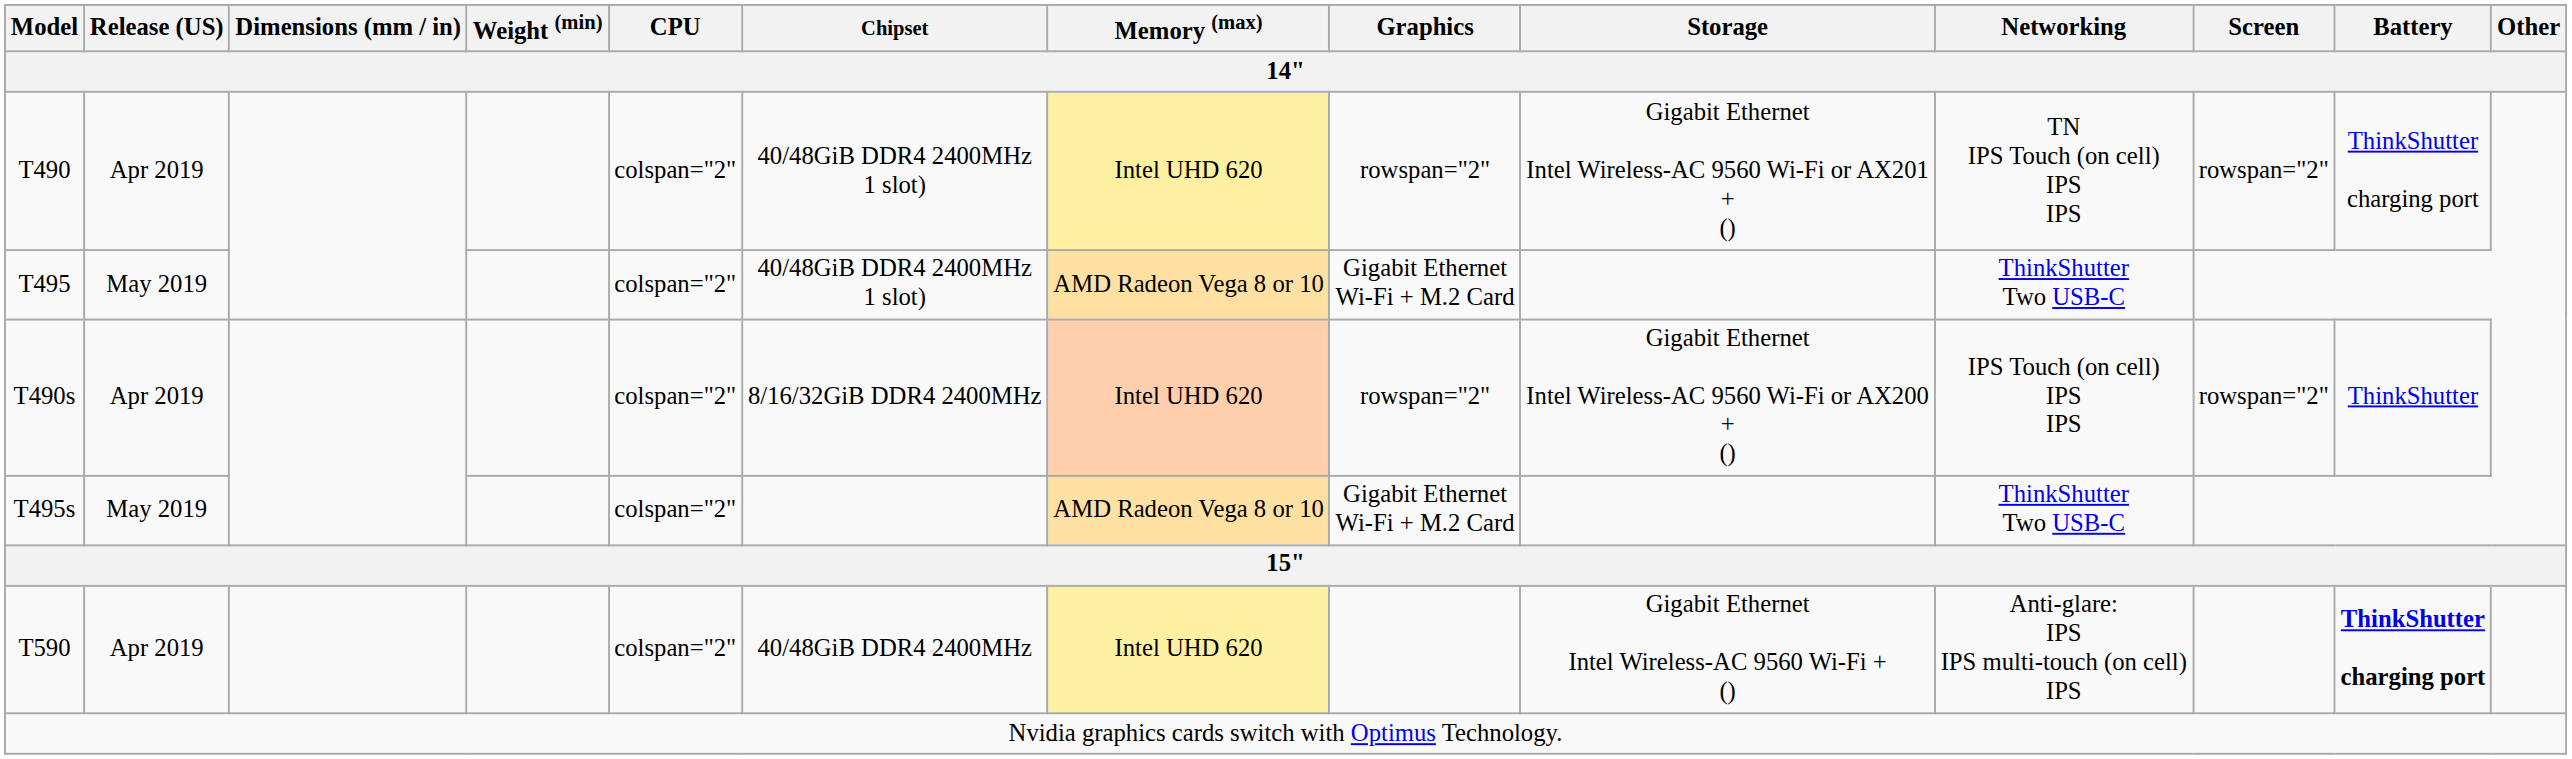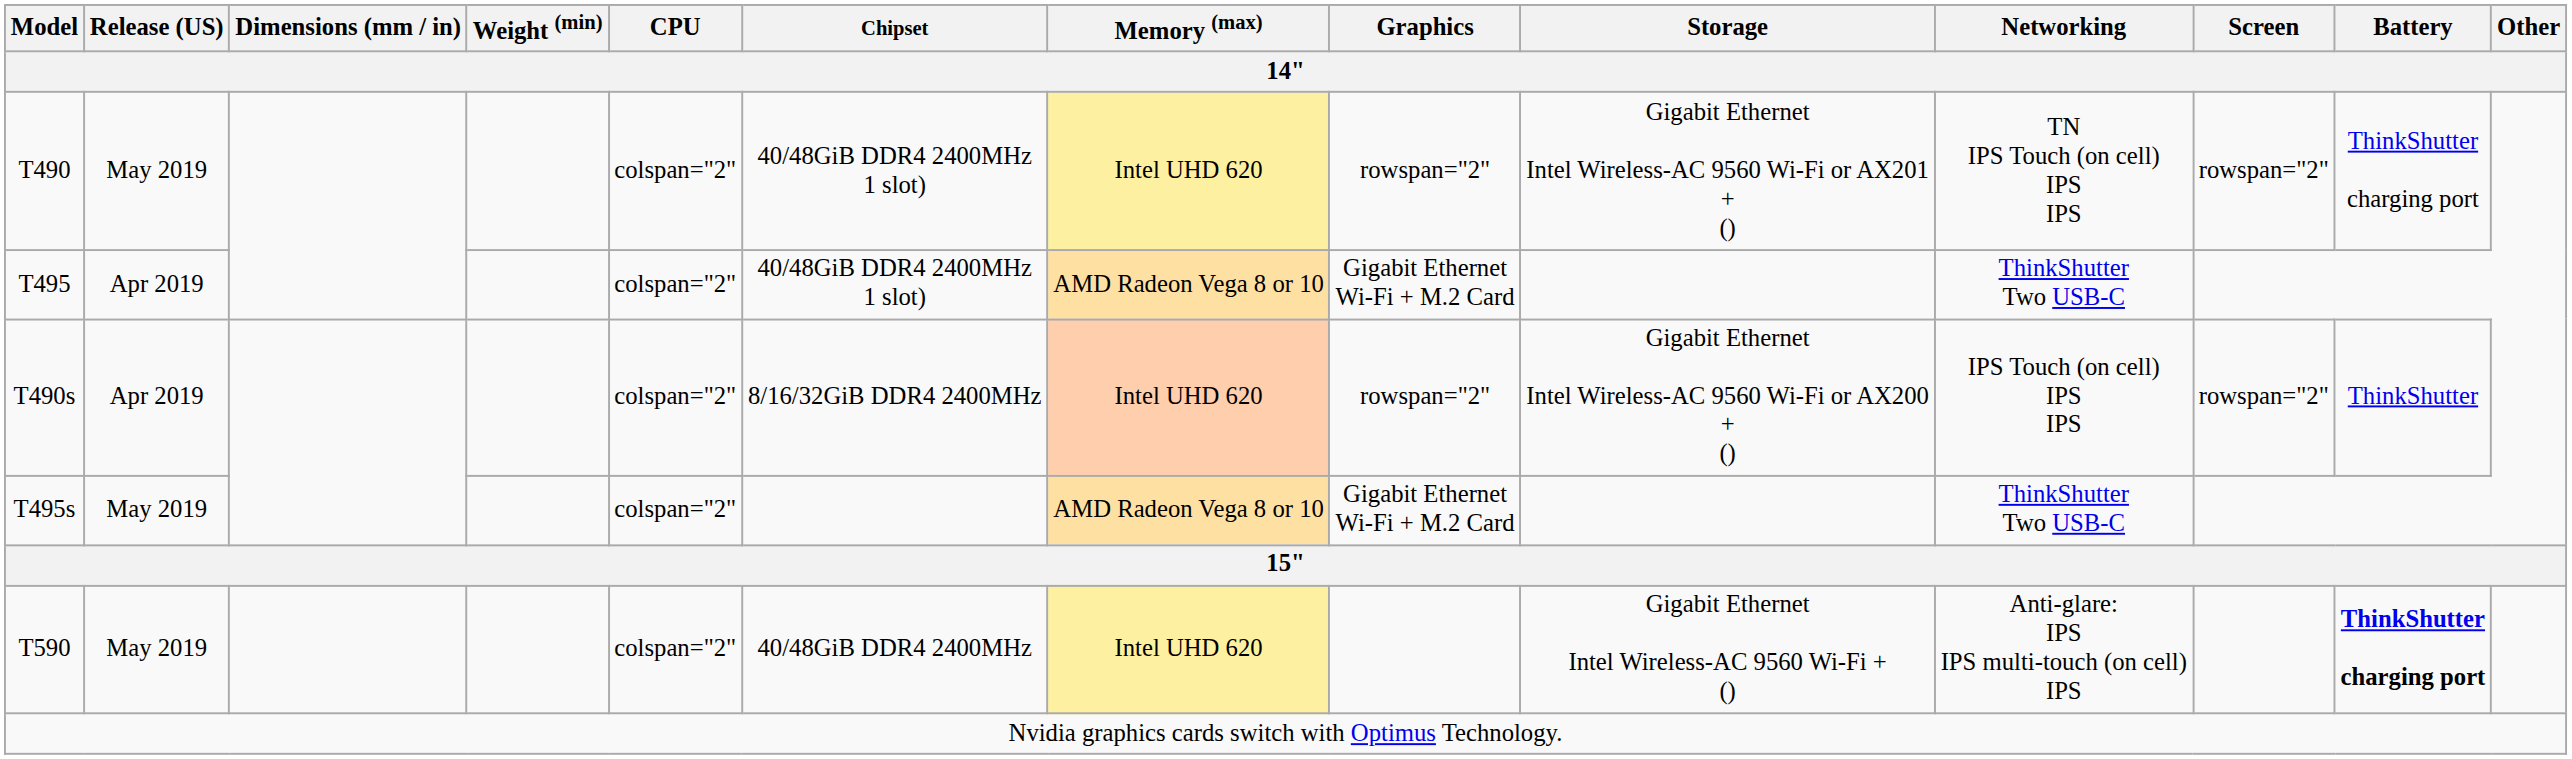 <table class="wikitable" style="font-size: 80%; text-align: center; min-width: 80%;">
 <tr>
 <th>Model</th>
 <th>Release (US)</th>
 <th>Dimensions (mm / in)</th>
 <th>Weight <sup>(min)</sup></th>
 <th>CPU</th>
 <th><small>Chipset</small></th>
 <th>Memory <sup>(max)</sup></th>
 <th>Graphics</th>
 <th>Storage</th>
 <th>Networking</th>
 <th>Screen</th>
 <th>Battery</th>
 <th>Other</th>
 </tr>
 <tr>
 <th colspan="13">14"</th>
 </tr>
 <tr>
 <td>T490</td>
-<td>Apr 2019</td>
+<td>May 2019</td>
 <td rowspan="2"></td>
 <td></td>
 <td>colspan="2" </td>
 <td style="background:">40/48GiB DDR4 2400MHz<br> 1 slot)</td>
 <td style="background:#fdf1a1;">Intel UHD 620<br></td>
 <td>rowspan="2" </td>
 <td>Gigabit Ethernet<br><br>Intel Wireless-AC 9560 Wi-Fi or  AX201 <br>+ <br>()<br><small></small></td>
 <td style="background:"> TN <br> IPS Touch (on cell) <br> IPS <br> IPS</td>
 <td>rowspan="2" </td>
 <td><a href='#'>ThinkShutter</a><br><br> charging port</td>
 </tr>
 <tr>
 <td>T495</td>
-<td>May 2019</td>
+<td>Apr 2019</td>
 <td></td>
 <td>colspan="2" </td>
 <td style="background:">40/48GiB DDR4 2400MHz<br> 1 slot)</td>
 <td style="background:#fee0a3;">AMD Radeon Vega 8 or 10</td>
 <td>Gigabit Ethernet<br>Wi-Fi +  M.2 Card<br><small></small></td>
 <td></td>
 <td><a href='#'>ThinkShutter</a><br>Two <a href='#'>USB-C</a>  </td>
 </tr>
 <tr>
 <td>T490s</td>
 <td>Apr 2019</td>
 <td rowspan="2"></td>
 <td></td>
 <td>colspan="2" </td>
 <td style="background:">8/16/32GiB DDR4 2400MHz<br></td>
 <td style="background:#ffcead;">Intel UHD 620</td>
 <td>rowspan="2" </td>
 <td> Gigabit Ethernet<br><br>Intel Wireless-AC 9560 Wi-Fi or  AX200 <br>+ <br>()<br><small></small></td>
 <td style="background:"> IPS Touch (on cell) <br> IPS <br> IPS</td>
 <td>rowspan="2" </td>
 <td><a href='#'>ThinkShutter</a><br></td>
 </tr>
 <tr>
 <td>T495s</td>
 <td>May 2019</td>
 <td></td>
 <td>colspan="2" </td>
 <td></td>
 <td style="background:#fee0a3;">AMD Radeon Vega 8 or 10</td>
 <td> Gigabit Ethernet<br>Wi-Fi +  M.2 Card<br><small></small></td>
 <td></td>
 <td><a href='#'>ThinkShutter</a><br>Two <a href='#'>USB-C</a>  </td>
 </tr>
 <tr>
 <th colspan="13">15"</th>
 </tr>
 <tr>
 <td>T590</td>
-<td>Apr 2019</td>
+<td>May 2019</td>
 <td></td>
 <td></td>
 <td>colspan="2" </td>
 <td style="background:">40/48GiB DDR4 2400MHz<br> </td>
 <td style="background:#fdf1a1;">Intel UHD 620<br></td>
 <td></td>
 <td>Gigabit Ethernet<br><br>Intel Wireless-AC 9560 Wi-Fi + <br>()<br><small></small></td>
 <td style="background:">Anti-glare: <br> IPS <br> IPS multi-touch (on cell) <br> IPS</td>
 <td></td>
 <td><strong><a href='#'>ThinkShutter</a><br><br> charging port</strong></td>
 </tr>
 <tr>
 <td colspan="13">Nvidia graphics cards switch with <a href='#'>Optimus</a> Technology.</td>
 </tr>
 </table>
